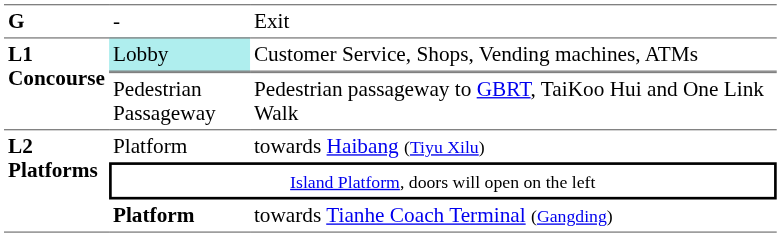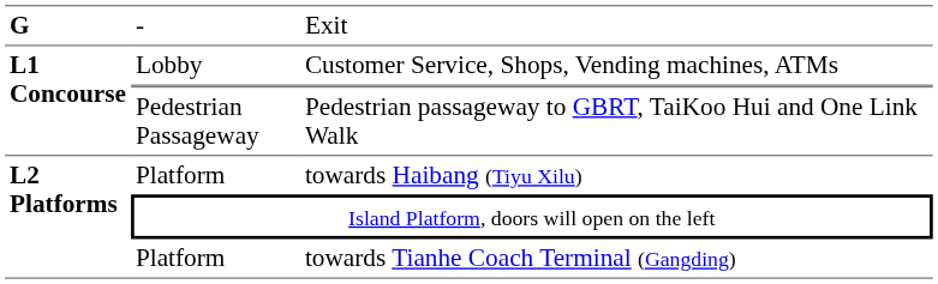 <table table border=0 cellspacing=0 cellpadding=3>
 <tr>
 <td style="border-top:solid 1px gray;" width=50 valign=top><strong>G</strong></td>
 <td style="border-top:solid 1px gray;" width=100 valign=top>-</td>
 <td style="border-top:solid 1px gray;" width=390 valign=top>Exit</td>
 </tr>
 <tr>
 <td style="border-bottom:solid 1px gray; border-top:solid 1px gray;" valign=top width=50 rowspan=2><strong>L1<br>Concourse</strong></td>
-<td style="background: paleturquoise; border-bottom:solid 1px gray; border-top:solid 1px gray;" valign=top width=100>Lobby</td>
+<td style="border-bottom:solid 1px gray; border-top:solid 1px gray;" valign=top width=100>Lobby</td>
 <td style="border-bottom:solid 1px gray; border-top:solid 1px gray;" valign=top width=390>Customer Service, Shops, Vending machines, ATMs</td>
 </tr>
 <tr>
 <td style="border-bottom:solid 1px gray; border-top:solid 1px gray;" valign=top width=100>Pedestrian Passageway</td>
 <td style="border-bottom:solid 1px gray; border-top:solid 1px gray;" valign=top width=390>Pedestrian passageway to <a href='#'>GBRT</a>, TaiKoo Hui and One Link Walk</td>
 </tr>
 <tr>
 <td style="border-bottom:solid 1px gray;" rowspan=3 valign=top><strong>L2<br>Platforms</strong></td>
 <td>Platform </td>
 <td>  towards <a href='#'>Haibang</a> <small>(<a href='#'>Tiyu Xilu</a>)</small></td>
 </tr>
 <tr>
 <td style="border-right:solid 2px black;border-left:solid 2px black;border-top:solid 2px black;border-bottom:solid 2px black;text-align:center;" colspan=2><small><a href='#'>Island Platform</a>, doors will open on the left</small></td>
 </tr>
 <tr>
-<td style="border-bottom:solid 1px gray;"><strong>Platform </strong></td>
+<td style="border-bottom:solid 1px gray;">Platform </td>
 <td style="border-bottom:solid 1px gray;">  towards <a href='#'>Tianhe Coach Terminal</a> <small>(<a href='#'>Gangding</a>)</small> </td>
 </tr>
 </table>
